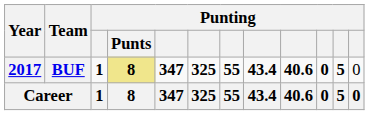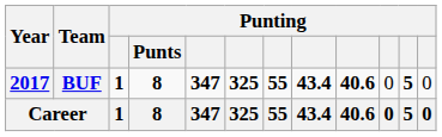 <table class=wikitable style="text-align:center;">
 <tr>
 <th rowspan="2">Year</th>
 <th rowspan="2">Team</th>
 <th colspan="10">Punting</th>
 </tr>
 <tr>
 <th></th>
 <th>Punts</th>
 <th></th>
 <th></th>
 <th></th>
 <th></th>
 <th></th>
 <th></th>
 <th></th>
 <th></th>
 </tr>
 <tr>
 <th><a href='#'>2017</a></th>
 <th><a href='#'>BUF</a></th>
 <td><strong>1</strong></td>
-<td style="background: khaki;"><strong>8</strong></td>
+<td><strong>8</strong></td>
 <td><strong>347</strong></td>
 <td><strong>325</strong></td>
 <td><strong>55</strong></td>
 <td><strong>43.4</strong></td>
 <td><strong>40.6</strong></td>
-<td><strong>0</strong></td>
+<td>0</td>
 <td><strong>5</strong></td>
 <td>0</td>
 </tr>
 <tr>
 <th colspan="2">Career</th>
 <th>1</th>
 <th>8</th>
 <th>347</th>
 <th>325</th>
 <th>55</th>
 <th>43.4</th>
 <th>40.6</th>
 <th>0</th>
 <th>5</th>
 <th>0</th>
 </tr>
 </table>
